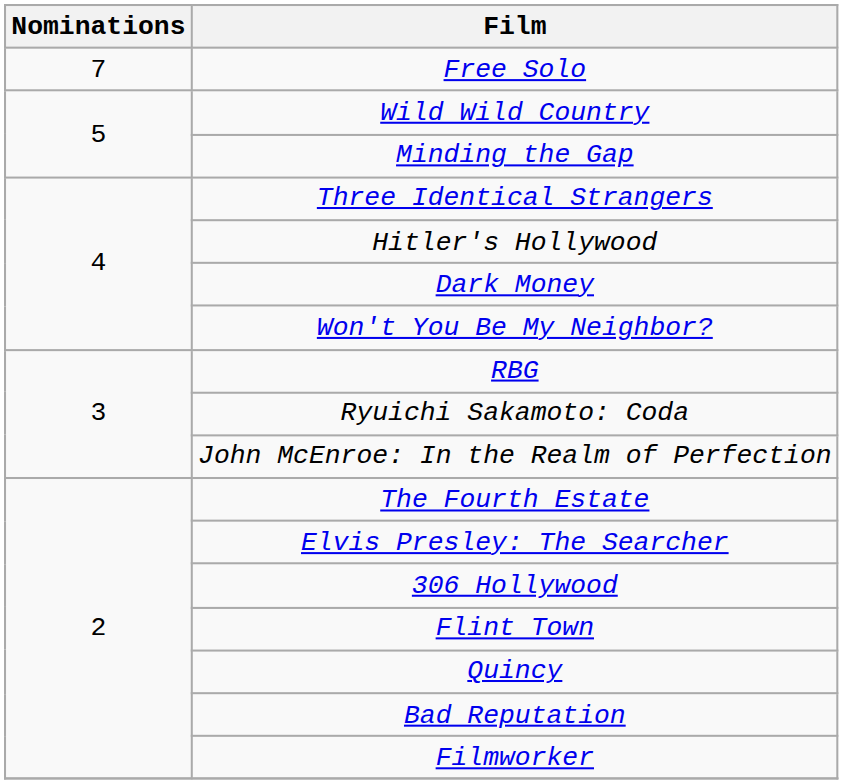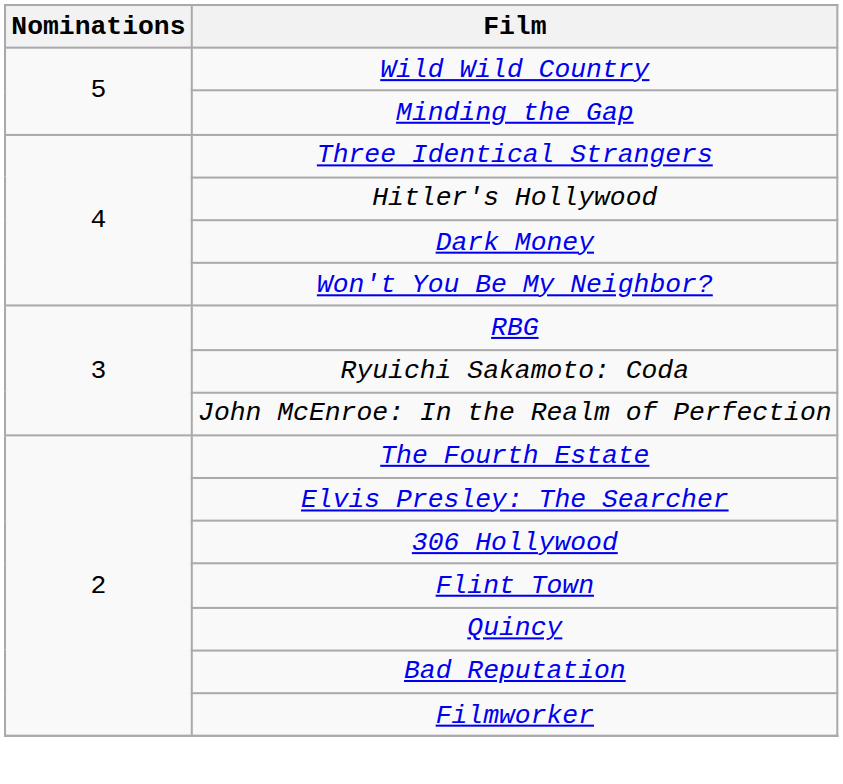 <table class="wikitable" rowspan="2" style="text-align:center;" background: #f6e39c;>
 <tr>
 <th scope="col" style="width:55px;">Nominations</th>
 <th scope="col" style="text-align:center;">Film</th>
-</tr>
-<tr>
-<td rowspan=1 style="text-align:center">7</td>
-<td><em><a href='#'>Free Solo</a></em></td>
 </tr>
 <tr>
 <td rowspan=2 style="text-align:center">5</td>
 <td><em><a href='#'>Wild Wild Country</a></em></td>
 </tr>
 <tr>
 <td><em><a href='#'>Minding the Gap</a></em></td>
 </tr>
 <tr>
 <td rowspan=4 style="text-align:center">4</td>
 <td><em><a href='#'>Three Identical Strangers</a></em></td>
 </tr>
 <tr>
 <td><em>Hitler's Hollywood </em></td>
 </tr>
 <tr>
 <td><em><a href='#'>Dark Money</a></em></td>
 </tr>
 <tr>
 <td><em><a href='#'>Won't You Be My Neighbor?</a></em></td>
 </tr>
 <tr>
 <td rowspan=3 style="text-align:center">3</td>
 <td><em><a href='#'>RBG</a></em></td>
 </tr>
 <tr>
 <td><em>Ryuichi Sakamoto: Coda</em></td>
 </tr>
 <tr>
 <td><em>John McEnroe: In the Realm of Perfection </em></td>
 </tr>
 <tr>
 <td rowspan=7 style="text-align:center">2</td>
 <td><em><a href='#'>The Fourth Estate</a></em></td>
 </tr>
 <tr>
 <td><em><a href='#'>Elvis Presley: The Searcher</a></em></td>
 </tr>
 <tr>
 <td><em><a href='#'>306 Hollywood</a></em></td>
 </tr>
 <tr>
 <td><em><a href='#'>Flint Town</a></em></td>
 </tr>
 <tr>
 <td><em><a href='#'>Quincy</a></em></td>
 </tr>
 <tr>
 <td><em><a href='#'>Bad Reputation</a></em></td>
 </tr>
 <tr>
 <td><em><a href='#'>Filmworker</a></em></td>
 </tr>
 <tr>
 </tr>
 </table>
